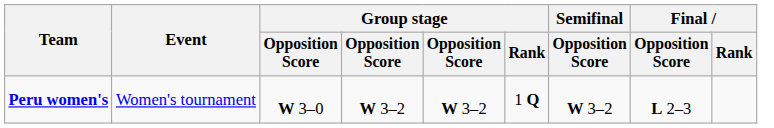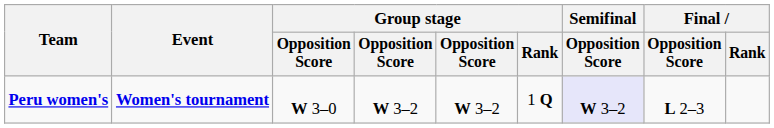 <table class="wikitable" style="font-size:90%">
 <tr>
 <th rowspan=2>Team</th>
 <th rowspan=2>Event</th>
 <th colspan=4>Group stage</th>
 <th>Semifinal</th>
 <th colspan=2>Final / </th>
 </tr>
 <tr style="font-size:95%">
 <th>Opposition<br>Score</th>
 <th>Opposition<br>Score</th>
 <th>Opposition<br>Score</th>
 <th>Rank</th>
 <th>Opposition<br>Score</th>
 <th>Opposition<br>Score</th>
 <th>Rank</th>
 </tr>
 <tr align=center>
 <td align=left><strong><a href='#'>Peru women's</a></strong></td>
-<td align=left><a href='#'>Women's tournament</a></td>
+<td align=left><strong><a href='#'>Women's tournament</a></strong></td>
 <td><br><strong>W</strong> 3–0</td>
 <td><br><strong>W</strong> 3–2</td>
 <td><br><strong>W</strong> 3–2</td>
 <td>1 <strong>Q</strong></td>
-<td><br><strong>W</strong> 3–2</td>
+<td style="background: lavender;"><br><strong>W</strong> 3–2</td>
 <td><br><strong>L</strong> 2–3</td>
 <td></td>
 </tr>
 </table>
